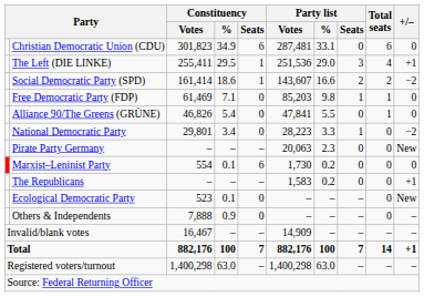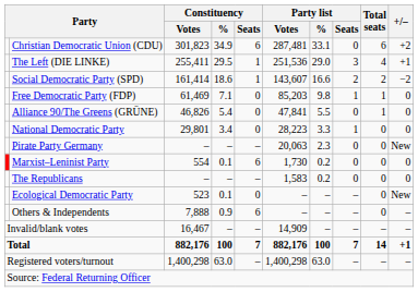 <table class="wikitable" style="text-align:right">
 <tr>
 <th colspan="2" rowspan="2">Party</th>
 <th colspan="3">Constituency</th>
 <th colspan="3">Party list</th>
 <th rowspan="2">Total<br>seats</th>
 <th rowspan="2">+/–</th>
 </tr>
 <tr>
 <th>Votes</th>
 <th>%</th>
 <th>Seats</th>
 <th>Votes</th>
 <th>%</th>
 <th>Seats</th>
 </tr>
 <tr>
 <td></td>
 <td align="left"><a href='#'>Christian Democratic Union</a> (CDU)</td>
 <td>301,823</td>
 <td>34.9</td>
 <td>6</td>
 <td>287,481</td>
 <td>33.1</td>
 <td>0</td>
 <td>6</td>
-<td>0</td>
+<td>+2</td>
 </tr>
 <tr>
 <td></td>
 <td align="left"><a href='#'>The Left</a> (DIE LINKE)</td>
 <td>255,411</td>
 <td>29.5</td>
 <td>1</td>
 <td>251,536</td>
 <td>29.0</td>
 <td>3</td>
 <td>4</td>
 <td>+1</td>
 </tr>
 <tr>
 <td></td>
 <td align="left"><a href='#'>Social Democratic Party</a> (SPD)</td>
 <td>161,414</td>
 <td>18.6</td>
 <td>1</td>
 <td>143,607</td>
 <td>16.6</td>
 <td>2</td>
 <td>2</td>
 <td>−2</td>
 </tr>
 <tr>
 <td></td>
 <td align="left"><a href='#'>Free Democratic Party</a> (FDP)</td>
 <td>61,469</td>
 <td>7.1</td>
 <td>0</td>
 <td>85,203</td>
 <td>9.8</td>
 <td>1</td>
 <td>1</td>
 <td>0</td>
 </tr>
 <tr>
 <td></td>
 <td align="left"><a href='#'>Alliance 90/The Greens</a> (GRÜNE)</td>
 <td>46,826</td>
 <td>5.4</td>
 <td>0</td>
 <td>47,841</td>
 <td>5.5</td>
 <td>0</td>
 <td>1</td>
 <td>0</td>
 </tr>
 <tr>
 <td style="background-color:"></td>
 <td align="left"><a href='#'>National Democratic Party</a></td>
 <td>29,801</td>
 <td>3.4</td>
 <td>0</td>
 <td>28,223</td>
 <td>3.3</td>
 <td>1</td>
 <td>0</td>
-<td>−2</td>
+<td>0</td>
 </tr>
 <tr>
 <td style="background-color:"></td>
 <td align="left"><a href='#'>Pirate Party Germany</a></td>
 <td>–</td>
 <td>–</td>
 <td>–</td>
 <td>20,063</td>
 <td>2.3</td>
 <td>0</td>
 <td>0</td>
 <td>New</td>
 </tr>
 <tr>
 <td style="background-color:red"></td>
 <td align="left"><a href='#'>Marxist–Leninist Party</a></td>
 <td>554</td>
 <td>0.1</td>
 <td>6</td>
 <td>1,730</td>
 <td>0.2</td>
 <td>0</td>
 <td>0</td>
 <td>0</td>
 </tr>
 <tr>
 <td style="background-color:"></td>
 <td align="left"><a href='#'>The Republicans</a></td>
 <td>–</td>
 <td>–</td>
 <td>–</td>
 <td>1,583</td>
 <td>0.2</td>
 <td>0</td>
 <td>0</td>
-<td>+1</td>
+<td>0</td>
 </tr>
 <tr>
 <td style="background-color:"></td>
 <td align="left"><a href='#'>Ecological Democratic Party</a></td>
 <td>523</td>
 <td>0.1</td>
 <td>0</td>
 <td>–</td>
 <td>–</td>
 <td>–</td>
 <td>0</td>
 <td>New</td>
 </tr>
 <tr>
 <td></td>
 <td align="left">Others & Independents</td>
 <td>7,888</td>
 <td>0.9</td>
-<td>0</td>
+<td>6</td>
 <td>–</td>
 <td>–</td>
 <td>–</td>
 <td>0</td>
 <td>–</td>
 </tr>
 <tr>
 <td colspan="2" align="left">Invalid/blank votes</td>
 <td>16,467</td>
 <td>–</td>
 <td>–</td>
 <td>14,909</td>
 <td>–</td>
 <td>–</td>
 <td>–</td>
 <td>–</td>
 </tr>
 <tr>
 <td colspan="2" align="left"><strong>Total</strong></td>
 <td><strong>882,176</strong></td>
 <td><strong>100</strong></td>
 <td><strong>7</strong></td>
 <td><strong>882,176</strong></td>
 <td><strong>100</strong></td>
 <td><strong>7</strong></td>
 <td><strong>14</strong></td>
 <td><strong>+1</strong></td>
 </tr>
 <tr>
 <td colspan="2" align="left">Registered voters/turnout</td>
 <td>1,400,298</td>
 <td>63.0</td>
 <td>–</td>
 <td>1,400,298</td>
 <td>63.0</td>
 <td>–</td>
 <td>–</td>
 <td>–</td>
 </tr>
 <tr>
 <td colspan="10" align="left">Source: <a href='#'>Federal Returning Officer</a></td>
 </tr>
 </table>
